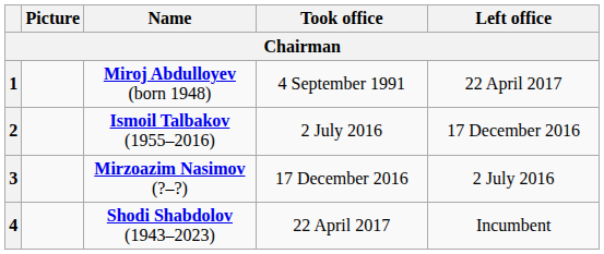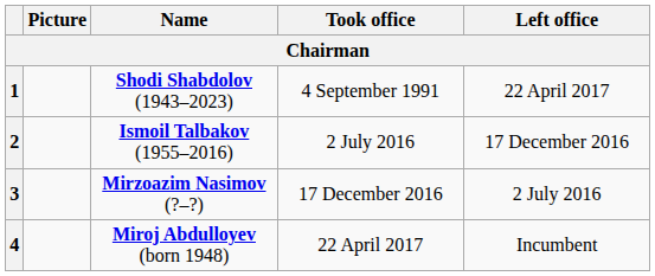 <table class="wikitable" style="text-align:center">
 <tr>
 <th></th>
 <th>Picture</th>
 <th width="150">Name<br></th>
 <th width="150">Took office</th>
 <th width="150">Left office</th>
 </tr>
 <tr>
 <th colspan="5" align="center">Chairman</th>
 </tr>
 <tr>
 <th style="background:">1</th>
 <td></td>
-<td><strong><a href='#'>Miroj Abdulloyev</a></strong><br>(born 1948)</td>
+<td><strong><a href='#'>Shodi Shabdolov</a></strong><br>(1943–2023)</td>
 <td>4 September 1991</td>
 <td>22 April 2017</td>
 </tr>
 <tr>
 <th style="background:">2</th>
 <td></td>
 <td><strong><a href='#'>Ismoil Talbakov</a></strong><br>(1955–2016)</td>
 <td>2 July 2016</td>
 <td>17 December 2016</td>
 </tr>
 <tr>
 <th style="background:">3</th>
 <td></td>
 <td><strong><a href='#'>Mirzoazim Nasimov</a></strong><br>(?–?)</td>
 <td>17 December 2016</td>
 <td>2 July 2016</td>
 </tr>
 <tr>
 <th style="background:">4</th>
 <td></td>
-<td><strong><a href='#'>Shodi Shabdolov</a></strong><br>(1943–2023)</td>
+<td><strong><a href='#'>Miroj Abdulloyev</a></strong><br>(born 1948)</td>
 <td>22 April 2017</td>
 <td>Incumbent</td>
 </tr>
 </table>
